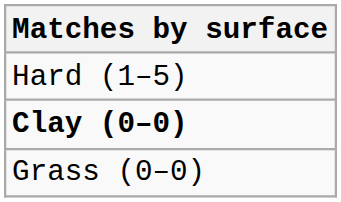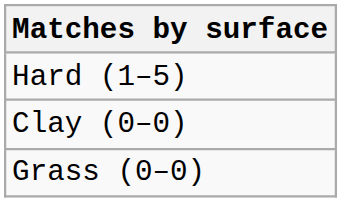 <table class=wikitable>
 <tr>
 <th>Matches by surface</th>
 </tr>
 <tr>
 <td>Hard (1–5)</td>
 </tr>
 <tr>
-<td><strong>Clay (0–0)</strong></td>
+<td>Clay (0–0)</td>
 </tr>
 <tr>
 <td>Grass (0–0)</td>
 </tr>
 </table>
